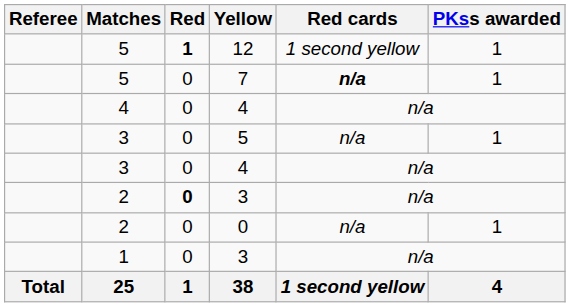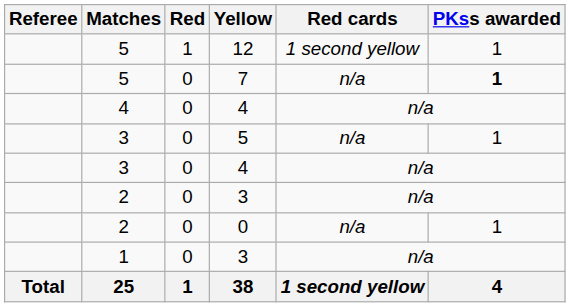 <table class="wikitable sortable" style="text-align:center">
 <tr>
 <th>Referee</th>
 <th>Matches</th>
 <th> Red</th>
 <th> Yellow</th>
 <th>Red cards</th>
 <th><a href='#'>PKs</a>s awarded</th>
 </tr>
 <tr>
 <td style="text-align:left;"> </td>
 <td>5</td>
-<td><strong>1</strong></td>
+<td>1</td>
 <td>12</td>
 <td><em>1 second yellow</em></td>
 <td>1</td>
 </tr>
 <tr>
 <td style="text-align:left;"> </td>
 <td>5</td>
 <td>0</td>
 <td>7</td>
-<td><strong><em>n/a</em></strong></td>
-<td>1</td>
+<td><em>n/a</em></td>
+<td><strong>1</strong></td>
 </tr>
 <tr>
 <td style="text-align:left;"> </td>
 <td>4</td>
 <td>0</td>
 <td>4</td>
 <td colspan="2"><em>n/a</em></td>
 </tr>
 <tr>
 <td style="text-align:left;"> </td>
 <td>3</td>
 <td>0</td>
 <td>5</td>
 <td><em>n/a</em></td>
 <td>1</td>
 </tr>
 <tr>
 <td style="text-align:left;"> </td>
 <td>3</td>
 <td>0</td>
 <td>4</td>
 <td colspan="2"><em>n/a</em></td>
 </tr>
 <tr>
 <td style="text-align:left;"> </td>
 <td>2</td>
-<td><strong>0</strong></td>
+<td>0</td>
 <td>3</td>
 <td colspan="2"><em>n/a</em></td>
 </tr>
 <tr>
 <td style="text-align:left;"> </td>
 <td>2</td>
 <td>0</td>
 <td>0</td>
 <td><em>n/a</em></td>
 <td>1</td>
 </tr>
 <tr>
 <td style="text-align:left;"> </td>
 <td>1</td>
 <td>0</td>
 <td>3</td>
 <td colspan="2"><em>n/a</em></td>
 </tr>
 <tr class="sortbottom">
 <th style="text-align:center;"><strong>Total</strong></th>
 <th>25</th>
 <th>1</th>
 <th>38</th>
 <th><em>1 second yellow</em></th>
 <th>4</th>
 </tr>
 </table>
